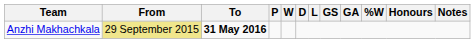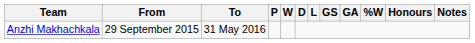 <table class="wikitable sortable" style="text-align: center">
 <tr>
 <th class="unsortable">Team</th>
 <th class="unsortable">From</th>
 <th class="unsortable">To</th>
 <th abbr="TOTAL OF MATCHES PLAYED">P</th>
 <th abbr="MATCHES WON">W</th>
 <th abbr="MATCHES DRAWN">D</th>
 <th abbr="MATCHES LOST">L</th>
 <th abbr="GOALS SCORED">GS</th>
 <th abbr="GOAL AGAINST">GA</th>
 <th abbr="PERCENTAGE OF MATCHES WON">%W</th>
 <th abbr="HONOURS">Honours</th>
 <th abbr="NOTES">Notes</th>
 </tr>
 <tr>
 <td> <a href='#'>Anzhi Makhachkala</a></td>
-<td align=left style="background: khaki;">29 September 2015</td>
-<td align=left><strong>31 May 2016<br></strong></td>
+<td align=left>29 September 2015</td>
+<td align=left>31 May 2016<br></td>
 <td style="text-align:left;font-size:smaller"></td>
 <td></td>
 </tr>
 </table>
